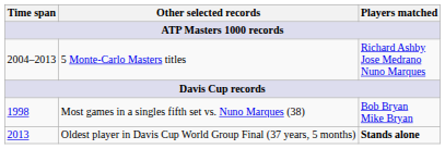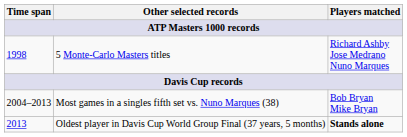 <table class="wikitable collapsible collapsed">
 <tr>
 <th>Time span</th>
 <th>Other selected records</th>
 <th>Players matched</th>
 </tr>
 <tr>
 <th style="background:#dde;" colspan="4">ATP Masters 1000 records</th>
 </tr>
 <tr>
-<td>2004–2013</td>
+<td><a href='#'>1998</a></td>
 <td>5 <a href='#'>Monte-Carlo Masters</a> titles</td>
 <td><a href='#'>Richard Ashby</a><br><a href='#'>Jose Medrano</a><br><a href='#'>Nuno Marques</a></td>
 </tr>
 <tr>
 <th style="background:#dde;" colspan="4">Davis Cup records</th>
 </tr>
 <tr>
-<td><a href='#'>1998</a></td>
+<td>2004–2013</td>
 <td>Most games in a singles fifth set vs. <a href='#'>Nuno Marques</a> (38)</td>
 <td><a href='#'>Bob Bryan</a><br><a href='#'>Mike Bryan</a></td>
 </tr>
 <tr>
 <td><a href='#'>2013</a></td>
 <td>Oldest player in Davis Cup World Group Final (37 years, 5 months)</td>
 <td><strong>Stands alone</strong></td>
 </tr>
 </table>
